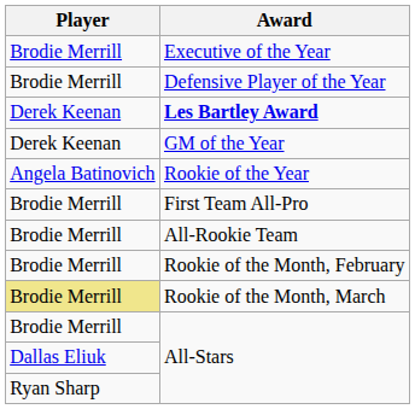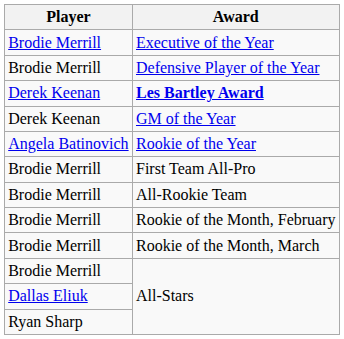 <table class="wikitable">
 <tr>
 <th>Player</th>
 <th>Award</th>
 </tr>
 <tr>
 <td><a href='#'>Brodie Merrill</a></td>
 <td><a href='#'>Executive of the Year</a></td>
 </tr>
 <tr>
 <td>Brodie Merrill</td>
 <td><a href='#'>Defensive Player of the Year</a></td>
 </tr>
 <tr>
 <td><a href='#'>Derek Keenan</a></td>
 <td><strong><a href='#'>Les Bartley Award</a></strong></td>
 </tr>
 <tr>
 <td>Derek Keenan</td>
 <td><a href='#'>GM of the Year</a></td>
 </tr>
 <tr>
 <td><a href='#'>Angela Batinovich</a></td>
 <td><a href='#'>Rookie of the Year</a></td>
 </tr>
 <tr>
 <td>Brodie Merrill</td>
 <td>First Team All-Pro</td>
 </tr>
 <tr>
 <td>Brodie Merrill</td>
 <td>All-Rookie Team</td>
 </tr>
 <tr>
 <td>Brodie Merrill</td>
 <td>Rookie of the Month, February</td>
 </tr>
 <tr>
-<td style="background: khaki;">Brodie Merrill</td>
+<td>Brodie Merrill</td>
 <td>Rookie of the Month, March</td>
 </tr>
 <tr>
 <td>Brodie Merrill</td>
 <td rowspan=3>All-Stars</td>
 </tr>
 <tr>
 <td><a href='#'>Dallas Eliuk</a></td>
 </tr>
 <tr>
 <td>Ryan Sharp</td>
 </tr>
 </table>
